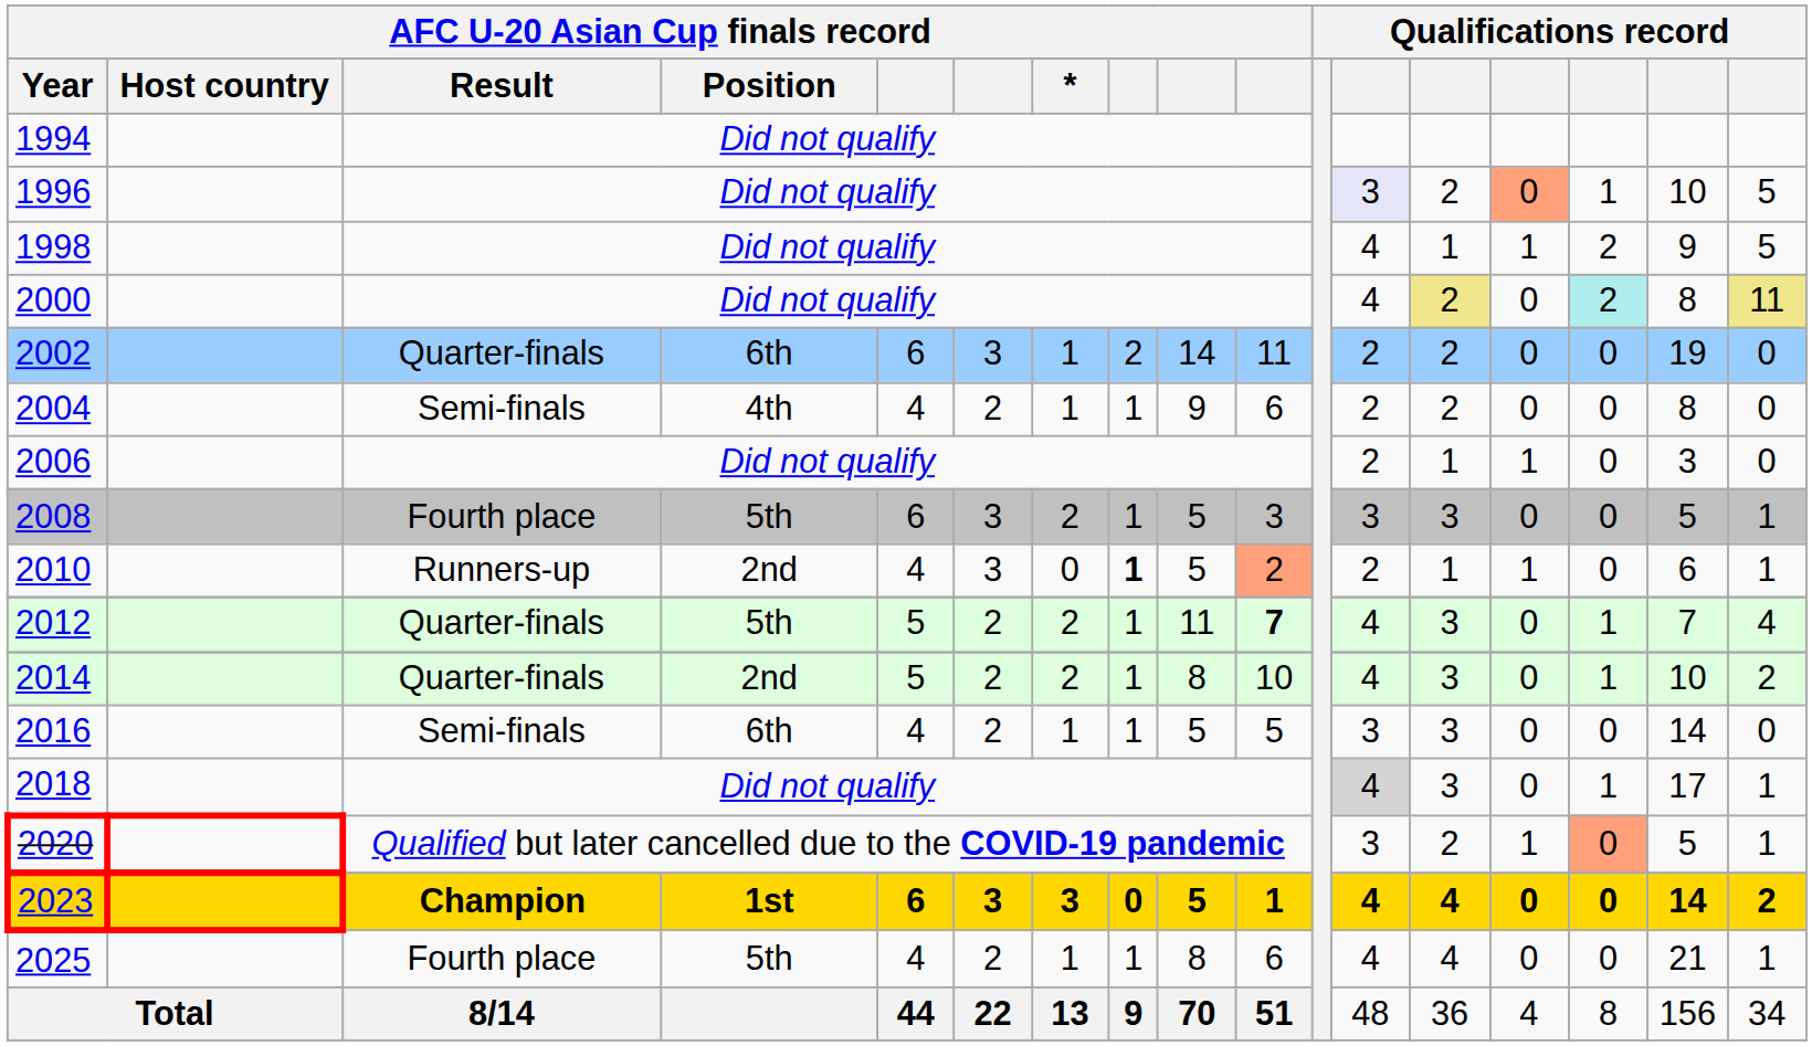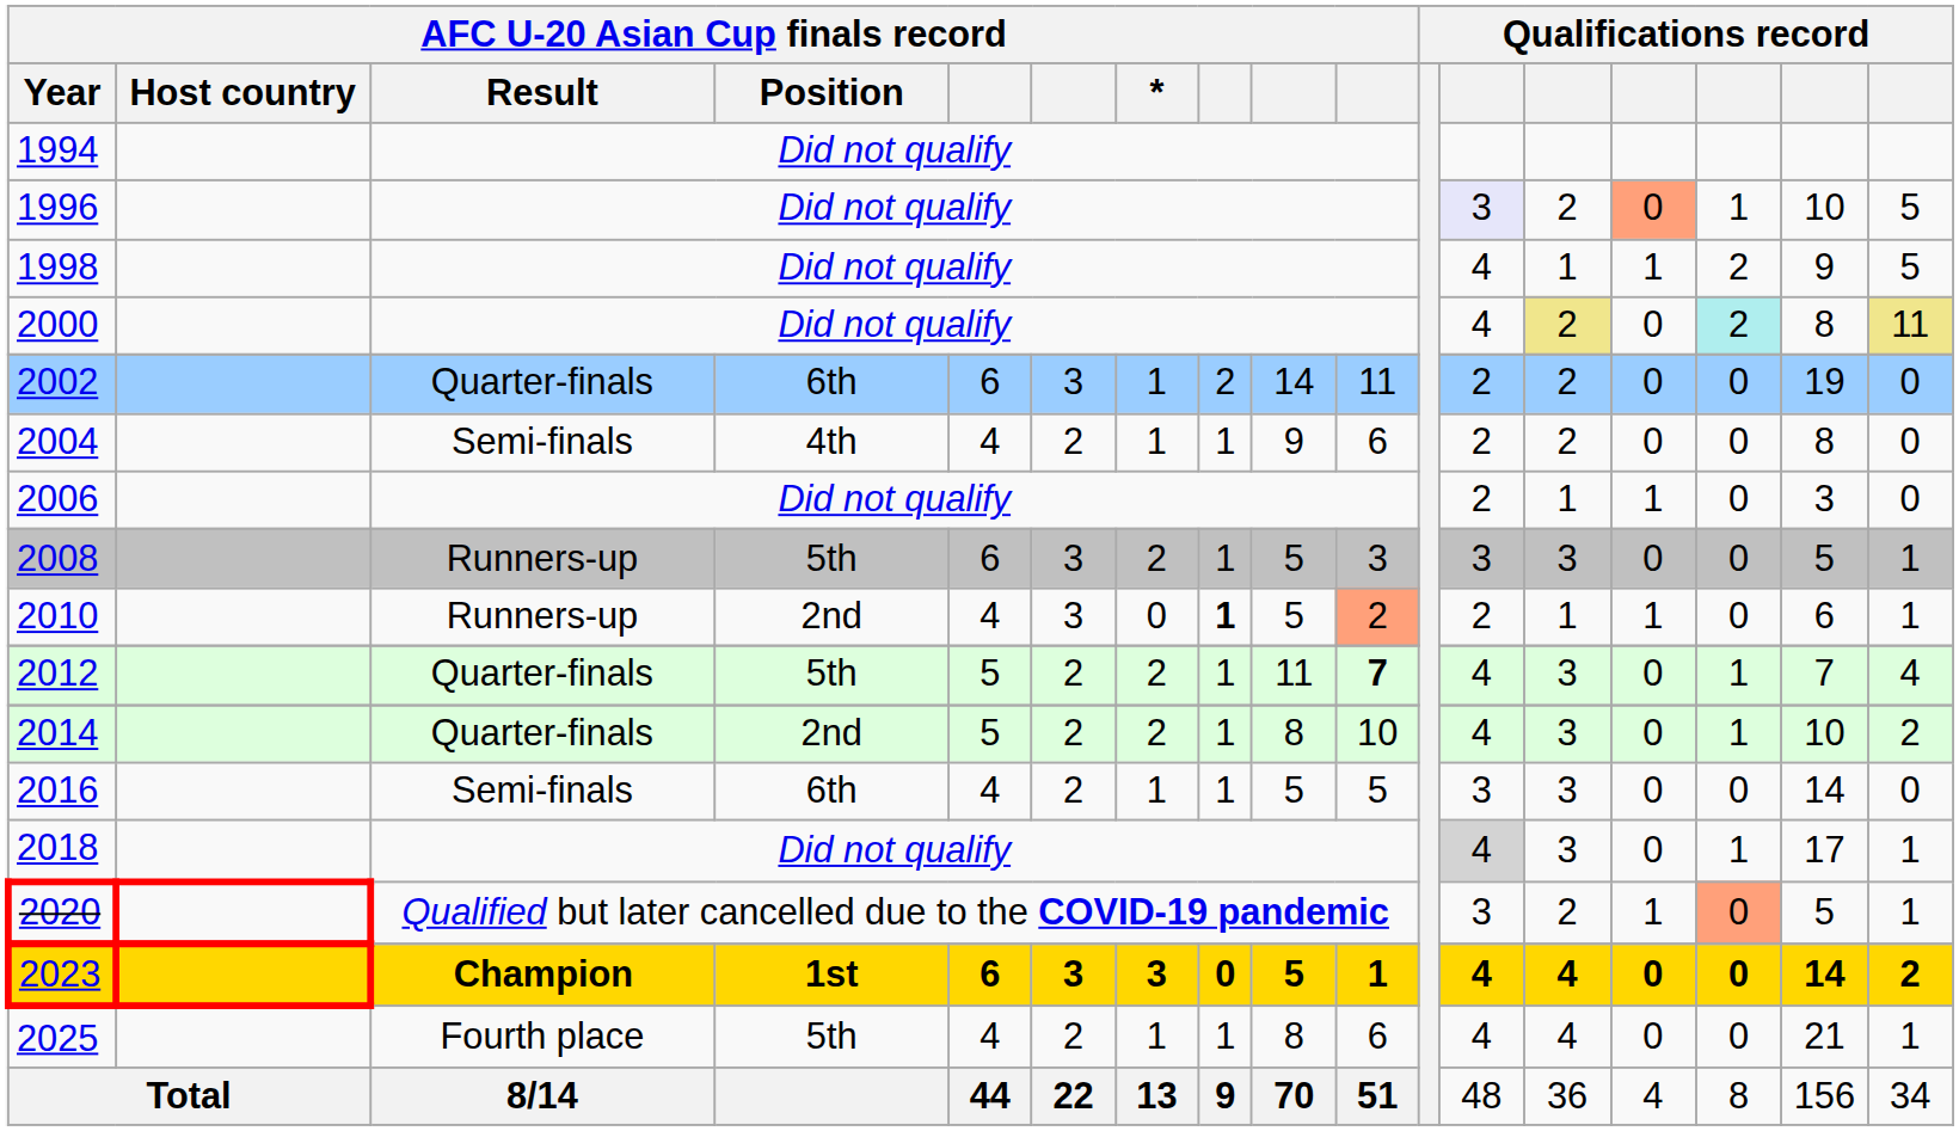 <table class="wikitable" style="text-align: center; font-size:100%; width: 850px">
 <tr>
 <th colspan=10><a href='#'>AFC U-20 Asian Cup</a> finals record</th>
 <th colspan=7>Qualifications record</th>
 </tr>
 <tr>
 <th>Year</th>
 <th>Host country</th>
 <th>Result</th>
 <th>Position</th>
 <th></th>
 <th></th>
 <th>*</th>
 <th></th>
 <th></th>
 <th></th>
 <th style="width:1%;" rowspan="43"></th>
 <th width=30></th>
 <th width=30></th>
 <th width=30></th>
 <th width=30></th>
 <th width=30></th>
 <th width=30></th>
 </tr>
 <tr>
 <td style="text-align: left"><a href='#'>1994</a></td>
 <td style="text-align: left"></td>
 <td colspan="8" style="text-align:center"><em><a href='#'>Did not qualify</a></em></td>
 <td></td>
 <td></td>
 <td></td>
 <td></td>
 <td></td>
 <td></td>
 </tr>
 <tr>
 <td style="text-align: left"><a href='#'>1996</a></td>
 <td style="text-align: left"></td>
 <td colspan="8" style="text-align:center"><em><a href='#'>Did not qualify</a></em></td>
 <td style="background: lavender;">3</td>
 <td>2</td>
 <td style="background: lightsalmon;">0</td>
 <td>1</td>
 <td>10</td>
 <td>5</td>
 </tr>
 <tr>
 <td style="text-align: left"><a href='#'>1998</a></td>
 <td style="text-align: left"></td>
 <td colspan="8" style="text-align:center"><em><a href='#'>Did not qualify</a></em></td>
 <td>4</td>
 <td>1</td>
 <td>1</td>
 <td>2</td>
 <td>9</td>
 <td>5</td>
 </tr>
 <tr>
 <td style="text-align: left"><a href='#'>2000</a></td>
 <td style="text-align: left"></td>
 <td colspan="8" style="text-align:center"><em><a href='#'>Did not qualify</a></em></td>
 <td>4</td>
 <td style="background: khaki;">2</td>
 <td>0</td>
 <td style="background: paleturquoise;">2</td>
 <td>8</td>
 <td style="background: khaki;">11</td>
 </tr>
 <tr>
 </tr>
 <tr bgcolor=#9acdff>
 <td style="text-align: left"><a href='#'>2002</a></td>
 <td style="text-align: left"></td>
 <td>Quarter-finals</td>
 <td>6th</td>
 <td>6</td>
 <td>3</td>
 <td>1</td>
 <td>2</td>
 <td>14</td>
 <td>11</td>
 <td>2</td>
 <td>2</td>
 <td>0</td>
 <td>0</td>
 <td>19</td>
 <td>0</td>
 </tr>
 <tr>
 <td style="text-align: left"><a href='#'>2004</a></td>
 <td style="text-align: left"></td>
 <td>Semi-finals</td>
 <td>4th</td>
 <td>4</td>
 <td>2</td>
 <td>1</td>
 <td>1</td>
 <td>9</td>
 <td>6</td>
 <td>2</td>
 <td>2</td>
 <td>0</td>
 <td>0</td>
 <td>8</td>
 <td>0</td>
 </tr>
 <tr>
 <td style="text-align: left"><a href='#'>2006</a></td>
 <td style="text-align: left"></td>
 <td colspan="8" style="text-align:center"><em><a href='#'>Did not qualify</a></em></td>
 <td>2</td>
 <td>1</td>
 <td>1</td>
 <td>0</td>
 <td>3</td>
 <td>0</td>
 </tr>
 <tr>
 </tr>
 <tr bgcolor=silver>
 <td style="text-align: left"><a href='#'>2008</a></td>
 <td style="text-align: left"></td>
-<td>Fourth place</td>
+<td>Runners-up</td>
 <td>5th</td>
 <td>6</td>
 <td>3</td>
 <td>2</td>
 <td>1</td>
 <td>5</td>
 <td>3</td>
 <td>3</td>
 <td>3</td>
 <td>0</td>
 <td>0</td>
 <td>5</td>
 <td>1</td>
 </tr>
 <tr>
 <td style="text-align: left"><a href='#'>2010</a></td>
 <td style="text-align: left"></td>
 <td>Runners-up</td>
 <td>2nd</td>
 <td>4</td>
 <td>3</td>
 <td>0</td>
 <td><strong>1</strong></td>
 <td>5</td>
 <td style="background: lightsalmon;">2</td>
 <td>2</td>
 <td>1</td>
 <td>1</td>
 <td>0</td>
 <td>6</td>
 <td>1</td>
 </tr>
 <tr>
 </tr>
 <tr bgcolor=#dfd>
 <td style="text-align: left"><a href='#'>2012</a></td>
 <td style="text-align: left"></td>
 <td>Quarter-finals</td>
 <td>5th</td>
 <td>5</td>
 <td>2</td>
 <td>2</td>
 <td>1</td>
 <td>11</td>
 <td><strong>7</strong></td>
 <td>4</td>
 <td>3</td>
 <td>0</td>
 <td>1</td>
 <td>7</td>
 <td>4</td>
 </tr>
 <tr>
 </tr>
 <tr bgcolor=#dfd>
 <td style="text-align: left"><a href='#'>2014</a></td>
 <td style="text-align: left"></td>
 <td>Quarter-finals</td>
 <td>2nd</td>
 <td>5</td>
 <td>2</td>
 <td>2</td>
 <td>1</td>
 <td>8</td>
 <td>10</td>
 <td>4</td>
 <td>3</td>
 <td>0</td>
 <td>1</td>
 <td>10</td>
 <td>2</td>
 </tr>
 <tr>
 <td style="text-align: left"><a href='#'>2016</a></td>
 <td style="text-align: left"></td>
 <td>Semi-finals</td>
 <td>6th</td>
 <td>4</td>
 <td>2</td>
 <td>1</td>
 <td>1</td>
 <td>5</td>
 <td>5</td>
 <td>3</td>
 <td>3</td>
 <td>0</td>
 <td>0</td>
 <td>14</td>
 <td>0</td>
 </tr>
 <tr>
 <td style="text-align: left"><a href='#'>2018</a></td>
 <td style="text-align: left"></td>
 <td colspan="8" style="text-align:center"><em><a href='#'>Did not qualify</a></em></td>
 <td style="background: lightgrey;">4</td>
 <td>3</td>
 <td>0</td>
 <td>1</td>
 <td>17</td>
 <td>1</td>
 </tr>
 <tr>
 <td style="border: 3px solid red; text-align: left"><s> <a href='#'>2020</a> </s></td>
 <td style="border: 3px solid red; text-align: left"></td>
 <td colspan=8><em><a href='#'>Qualified</a></em> but later cancelled due to the <strong><a href='#'>COVID-19 pandemic</a></strong></td>
 <td>3</td>
 <td>2</td>
 <td>1</td>
 <td style="background: lightsalmon;">0</td>
 <td>5</td>
 <td>1</td>
 </tr>
 <tr>
 </tr>
 <tr bgcolor=gold>
 <td style="border: 3px solid red; text-align: left"><a href='#'>2023</a></td>
 <td style="border: 3px solid red; text-align: left"></td>
 <td><strong>Champion</strong></td>
 <td><strong>1st</strong></td>
 <td><strong>6</strong></td>
 <td><strong>3</strong></td>
 <td><strong>3</strong></td>
 <td><strong>0</strong></td>
 <td><strong>5</strong></td>
 <td><strong>1</strong></td>
 <td><strong>4</strong></td>
 <td><strong>4</strong></td>
 <td><strong>0</strong></td>
 <td><strong>0</strong></td>
 <td><strong>14</strong></td>
 <td><strong>2</strong></td>
 </tr>
 <tr>
 <td style="text-align: left"><a href='#'>2025</a></td>
 <td style="text-align: left"></td>
 <td>Fourth place</td>
 <td>5th</td>
 <td>4</td>
 <td>2</td>
 <td>1</td>
 <td>1</td>
 <td>8</td>
 <td>6</td>
 <td>4</td>
 <td>4</td>
 <td>0</td>
 <td>0</td>
 <td>21</td>
 <td>1</td>
 </tr>
 <tr>
 <th colspan=2>Total</th>
 <th>8/14</th>
 <th><strong></strong></th>
 <th>44</th>
 <th>22</th>
 <th>13</th>
 <th>9</th>
 <th>70</th>
 <th>51</th>
 <td>48</td>
 <td>36</td>
 <td>4</td>
 <td>8</td>
 <td>156</td>
 <td>34</td>
 </tr>
 </table>
